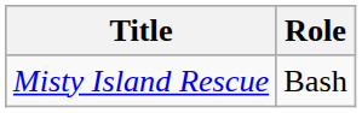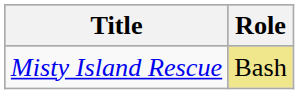 <table class="wikitable">
 <tr>
 <th>Title</th>
 <th>Role</th>
 </tr>
 <tr>
 <td><em><a href='#'>Misty Island Rescue</a></em></td>
-<td>Bash</td>
+<td style="background: khaki;">Bash</td>
 </tr>
 </table>
